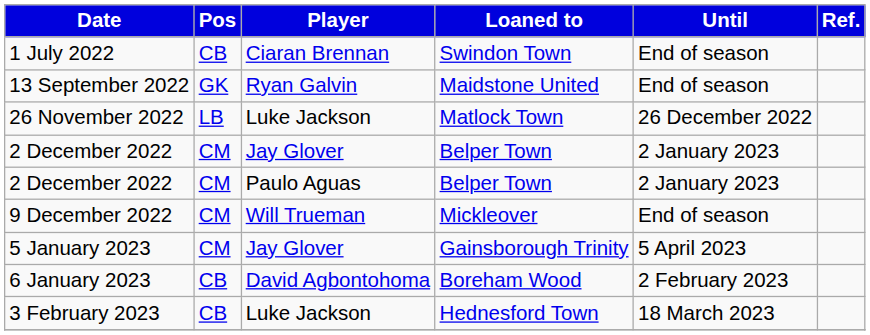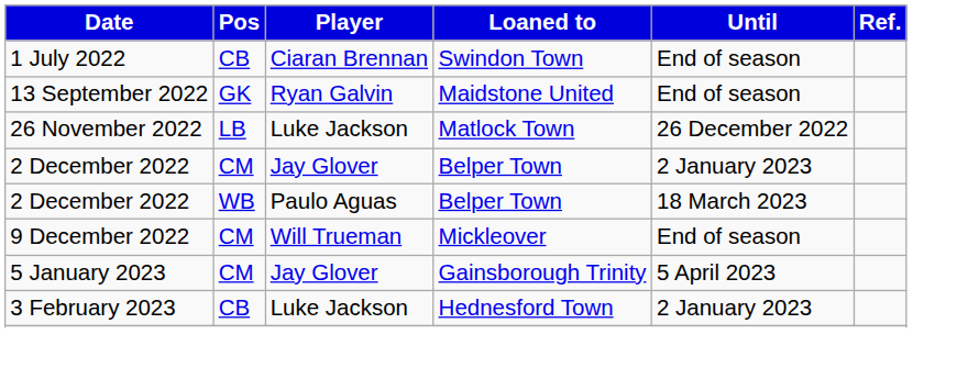 <table class="wikitable plainrowheaders sortable">
 <tr>
 <th style="background:#0000DD; color:#FFFFFF; ">Date</th>
 <th style="background:#0000DD; color:#FFFFFF; ">Pos</th>
 <th style="background:#0000DD; color:#FFFFFF; ">Player</th>
 <th style="background:#0000DD; color:#FFFFFF; ">Loaned to</th>
 <th style="background:#0000DD; color:#FFFFFF; ">Until</th>
 <th style="background:#0000DD; color:#FFFFFF; ">Ref.</th>
 </tr>
 <tr>
 <td>1 July 2022</td>
 <td><a href='#'>CB</a></td>
 <td> <a href='#'>Ciaran Brennan</a></td>
 <td> <a href='#'>Swindon Town</a></td>
 <td>End of season</td>
 <td></td>
 </tr>
 <tr>
 <td>13 September 2022</td>
 <td><a href='#'>GK</a></td>
 <td> <a href='#'>Ryan Galvin</a></td>
 <td> <a href='#'>Maidstone United</a></td>
 <td>End of season</td>
 <td></td>
 </tr>
 <tr>
 <td>26 November 2022</td>
 <td><a href='#'>LB</a></td>
 <td> Luke Jackson</td>
 <td> <a href='#'>Matlock Town</a></td>
 <td>26 December 2022</td>
 <td></td>
 </tr>
 <tr>
 <td>2 December 2022</td>
 <td><a href='#'>CM</a></td>
 <td> <a href='#'>Jay Glover</a></td>
 <td> <a href='#'>Belper Town</a></td>
 <td>2 January 2023</td>
 <td></td>
 </tr>
 <tr>
 <td>2 December 2022</td>
-<td><a href='#'>CM</a></td>
+<td><a href='#'>WB</a></td>
 <td> Paulo Aguas</td>
 <td> <a href='#'>Belper Town</a></td>
-<td>2 January 2023</td>
+<td>18 March 2023</td>
 <td></td>
 </tr>
 <tr>
 <td>9 December 2022</td>
 <td><a href='#'>CM</a></td>
 <td> <a href='#'>Will Trueman</a></td>
 <td> <a href='#'>Mickleover</a></td>
 <td>End of season</td>
 <td></td>
 </tr>
 <tr>
 <td>5 January 2023</td>
 <td><a href='#'>CM</a></td>
 <td> <a href='#'>Jay Glover</a></td>
 <td> <a href='#'>Gainsborough Trinity</a></td>
 <td>5 April 2023</td>
 <td></td>
 </tr>
 <tr>
-<td>6 January 2023</td>
-<td><a href='#'>CB</a></td>
-<td> <a href='#'>David Agbontohoma</a></td>
-<td> <a href='#'>Boreham Wood</a></td>
-<td>2 February 2023</td>
-<td></td>
-</tr>
-<tr>
 <td>3 February 2023</td>
 <td><a href='#'>CB</a></td>
 <td> Luke Jackson</td>
 <td> <a href='#'>Hednesford Town</a></td>
-<td>18 March 2023</td>
+<td>2 January 2023</td>
 <td></td>
 </tr>
 <tr>
 </tr>
 <tr>
 </tr>
 </table>
